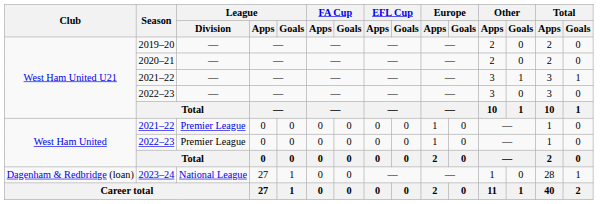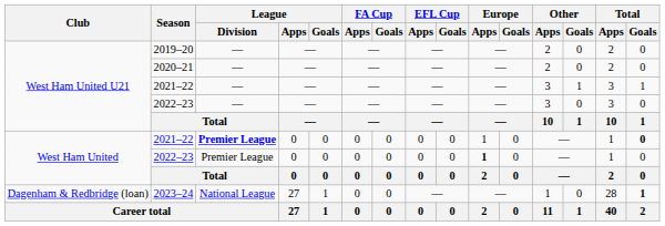 <table class=wikitable style=text-align:center>
 <tr>
 <th rowspan=2>Club</th>
 <th rowspan=2>Season</th>
 <th colspan=3>League</th>
 <th colspan=2><a href='#'>FA Cup</a></th>
 <th colspan=2><a href='#'>EFL Cup</a></th>
 <th colspan=2>Europe</th>
 <th colspan=2>Other</th>
 <th colspan=2>Total</th>
 </tr>
 <tr>
 <th>Division</th>
 <th>Apps</th>
 <th>Goals</th>
 <th>Apps</th>
 <th>Goals</th>
 <th>Apps</th>
 <th>Goals</th>
 <th>Apps</th>
 <th>Goals</th>
 <th>Apps</th>
 <th>Goals</th>
 <th>Apps</th>
 <th>Goals</th>
 </tr>
 <tr>
 <td rowspan=5><a href='#'>West Ham United U21</a></td>
 <td>2019–20</td>
 <td colspan=1>—</td>
 <td colspan=2>—</td>
 <td colspan=2>—</td>
 <td colspan=2>—</td>
 <td colspan=2>—</td>
 <td>2</td>
 <td>0</td>
 <td>2</td>
 <td>0</td>
 </tr>
 <tr>
 <td>2020–21</td>
 <td colspan=1>—</td>
 <td colspan=2>—</td>
 <td colspan=2>—</td>
 <td colspan=2>—</td>
 <td colspan=2>—</td>
 <td>2</td>
 <td>0</td>
 <td>2</td>
 <td>0</td>
 </tr>
 <tr>
 <td>2021–22</td>
 <td colspan=1>—</td>
 <td colspan=2>—</td>
 <td colspan=2>—</td>
 <td colspan=2>—</td>
 <td colspan=2>—</td>
 <td>3</td>
 <td>1</td>
 <td>3</td>
 <td>1</td>
 </tr>
 <tr>
 <td>2022–23</td>
 <td colspan=1>—</td>
 <td colspan=2>—</td>
 <td colspan=2>—</td>
 <td colspan=2>—</td>
 <td colspan=2>—</td>
 <td>3</td>
 <td>0</td>
 <td>3</td>
 <td>0</td>
 </tr>
 <tr>
 <th colspan=2>Total</th>
 <th colspan=2>—</th>
 <th colspan=2>—</th>
 <th colspan=2>—</th>
 <th colspan=2>—</th>
 <th>10</th>
 <th>1</th>
 <th>10</th>
 <th>1</th>
 </tr>
 <tr>
 <td rowspan=3><a href='#'>West Ham United</a></td>
 <td><a href='#'>2021–22</a></td>
-<td><a href='#'>Premier League</a></td>
+<td><strong><a href='#'>Premier League</a></strong></td>
 <td>0</td>
 <td>0</td>
 <td>0</td>
 <td>0</td>
 <td>0</td>
 <td>0</td>
 <td>1</td>
 <td>0</td>
 <td colspan=2>—</td>
 <td>1</td>
-<td>0</td>
+<td><strong>0</strong></td>
 </tr>
 <tr>
 <td><a href='#'>2022–23</a></td>
 <td>Premier League</td>
 <td>0</td>
 <td>0</td>
 <td>0</td>
 <td>0</td>
 <td>0</td>
 <td>0</td>
-<td>1</td>
+<td><strong>1</strong></td>
 <td>0</td>
 <td colspan=2>—</td>
 <td>1</td>
 <td>0</td>
 </tr>
 <tr>
 <th colspan=2>Total</th>
 <th>0</th>
 <th>0</th>
 <th>0</th>
 <th>0</th>
 <th>0</th>
 <th>0</th>
 <th>2</th>
 <th>0</th>
 <th colspan=2>—</th>
 <th>2</th>
 <th>0</th>
 </tr>
 <tr>
 <td><a href='#'>Dagenham & Redbridge</a> (loan)</td>
 <td><a href='#'>2023–24</a></td>
 <td><a href='#'>National League</a></td>
 <td>27</td>
 <td>1</td>
 <td>0</td>
 <td>0</td>
 <td colspan=2>—</td>
 <td colspan=2>—</td>
 <td>1</td>
 <td>0</td>
 <td>28</td>
-<td>1</td>
+<td><strong>1</strong></td>
 </tr>
 <tr>
 <th colspan=3>Career total</th>
 <th>27</th>
 <th>1</th>
 <th>0</th>
 <th>0</th>
 <th>0</th>
 <th>0</th>
 <th>2</th>
 <th>0</th>
 <th>11</th>
 <th>1</th>
 <th>40</th>
 <th>2</th>
 </tr>
 </table>
